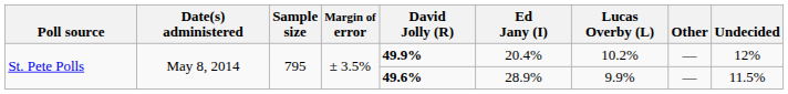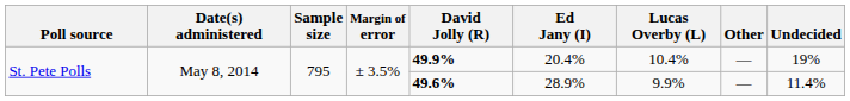 <table class="wikitable">
 <tr valign= bottom>
 <th style="width:140px;">Poll source</th>
 <th style="width:140px;">Date(s)<br>administered</th>
 <th class=small>Sample<br>size</th>
 <th><small>Margin of</small><br>error</th>
 <th style="width:100px;">David<br>Jolly (R)</th>
 <th style="width:100px;">Ed<br>Jany (I)</th>
 <th style="width:100px;">Lucas<br>Overby (L)</th>
 <th style="width:40px;">Other</th>
 <th style="width:40px;">Undecided</th>
 </tr>
 <tr>
 <td rowspan=2><a href='#'>St. Pete Polls</a></td>
 <td align=center rowspan=2>May 8, 2014</td>
 <td align=center rowspan=2>795</td>
 <td align=center rowspan=2>± 3.5%</td>
 <td><strong>49.9%</strong></td>
 <td align=center>20.4%</td>
-<td align=center>10.2%</td>
+<td align=center>10.4%</td>
 <td align=center>—</td>
-<td align=center>12%</td>
+<td align=center>19%</td>
 </tr>
 <tr>
 <td><strong>49.6%</strong></td>
 <td align=center>28.9%</td>
 <td align=center>9.9%</td>
 <td align=center>—</td>
-<td align=center>11.5%</td>
+<td align=center>11.4%</td>
 </tr>
 </table>
